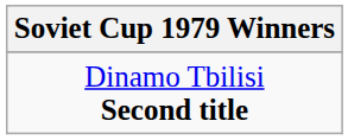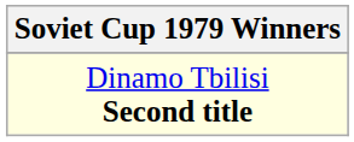 <table class="wikitable" style="text-align: center; margin: 0 auto;">
 <tr>
 <th>Soviet Cup 1979 Winners</th>
 </tr>
 <tr>
 </tr>
 <tr>
-<td><a href='#'>Dinamo Tbilisi</a><br><strong>Second title</strong></td>
+<td style="background: lightyellow;"><a href='#'>Dinamo Tbilisi</a><br><strong>Second title</strong></td>
 </tr>
 </table>
